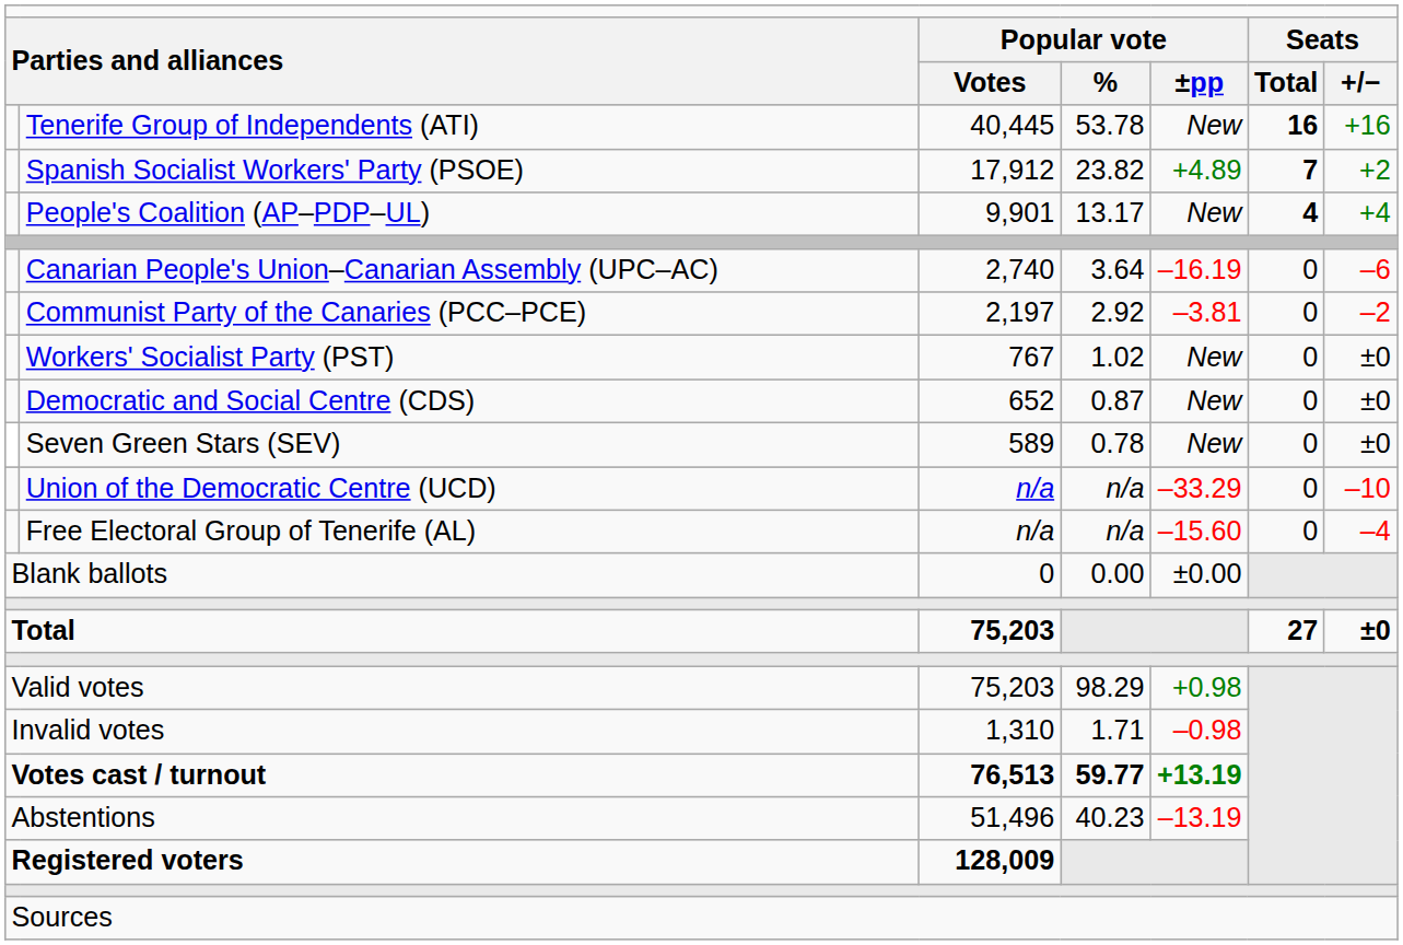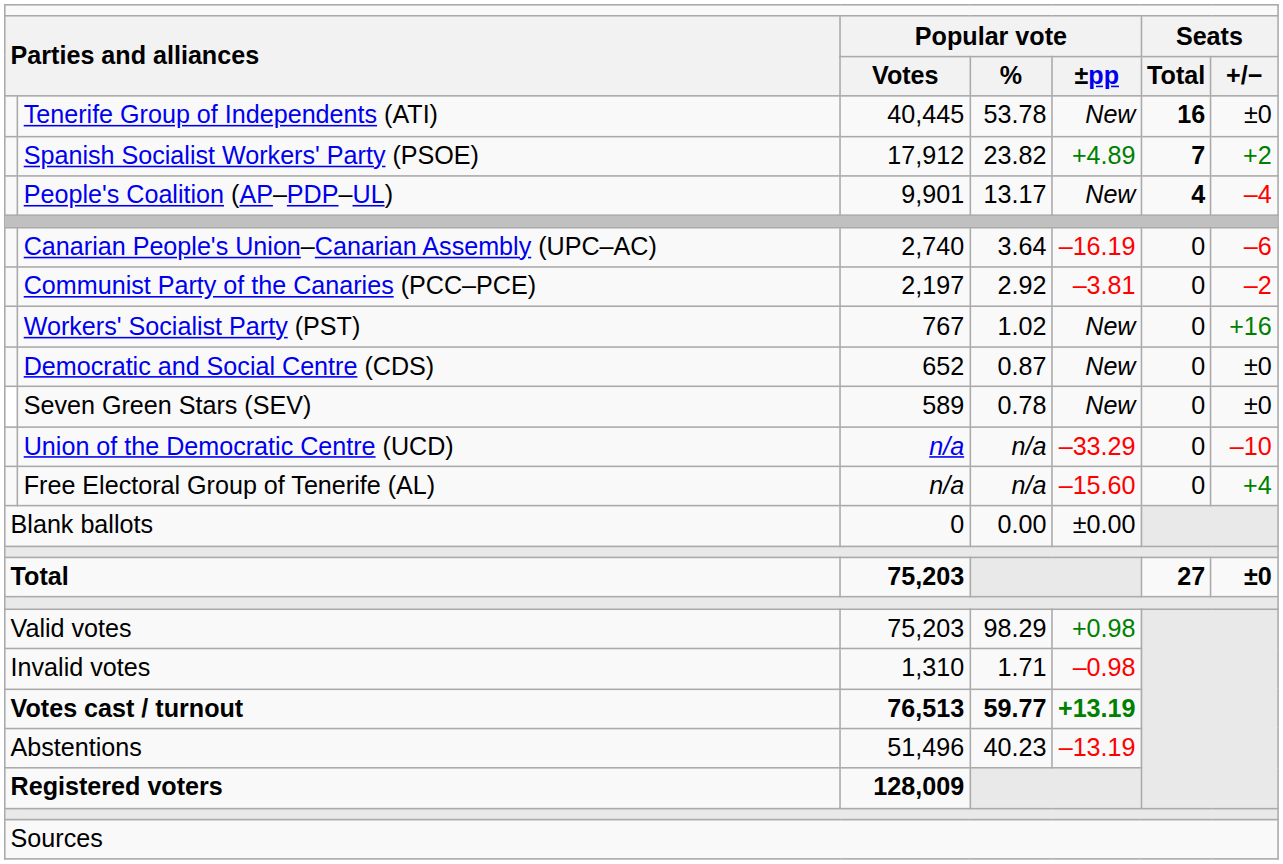 <table class="wikitable" style="text-align:right;">
 <tr>
 <td colspan="7"></td>
 </tr>
 <tr>
 <th style="text-align:left;" rowspan="2" colspan="2" width="525">Parties and alliances</th>
 <th colspan="3">Popular vote</th>
 <th colspan="2">Seats</th>
 </tr>
 <tr>
 <th width="75">Votes</th>
 <th width="45">%</th>
 <th width="45">±<a href='#'>pp</a></th>
 <th width="35">Total</th>
 <th width="35">+/−</th>
 </tr>
 <tr>
 <td width="1" style="color:inherit;background:"></td>
 <td align="left"><a href='#'>Tenerife Group of Independents</a> (ATI)</td>
 <td>40,445</td>
 <td>53.78</td>
 <td><em>New</em></td>
 <td><strong>16</strong></td>
-<td style="color:green;">+16</td>
+<td>±0</td>
 </tr>
 <tr>
 <td style="color:inherit;background:"></td>
 <td align="left"><a href='#'>Spanish Socialist Workers' Party</a> (PSOE)</td>
 <td>17,912</td>
 <td>23.82</td>
 <td style="color:green;">+4.89</td>
 <td><strong>7</strong></td>
 <td style="color:green;">+2</td>
 </tr>
 <tr>
 <td style="color:inherit;background:"></td>
 <td align="left"><a href='#'>People's Coalition</a> (<a href='#'>AP</a>–<a href='#'>PDP</a>–<a href='#'>UL</a>)</td>
 <td>9,901</td>
 <td>13.17</td>
 <td><em>New</em></td>
 <td><strong>4</strong></td>
-<td style="color:green;">+4</td>
+<td style="color:red;">–4</td>
 </tr>
 <tr>
 <td colspan="7" bgcolor="#C0C0C0"></td>
 </tr>
 <tr>
 <td style="color:inherit;background:"></td>
 <td align="left"><a href='#'>Canarian People's Union</a>–<a href='#'>Canarian Assembly</a> (UPC–AC)</td>
 <td>2,740</td>
 <td>3.64</td>
 <td style="color:red;">–16.19</td>
 <td>0</td>
 <td style="color:red;">–6</td>
 </tr>
 <tr>
 <td style="color:inherit;background:"></td>
 <td align="left"><a href='#'>Communist Party of the Canaries</a> (PCC–PCE)</td>
 <td>2,197</td>
 <td>2.92</td>
 <td style="color:red;">–3.81</td>
 <td>0</td>
 <td style="color:red;">–2</td>
 </tr>
 <tr>
 <td style="color:inherit;background:"></td>
 <td align="left"><a href='#'>Workers' Socialist Party</a> (PST)</td>
 <td>767</td>
 <td>1.02</td>
 <td><em>New</em></td>
 <td>0</td>
-<td>±0</td>
+<td style="color:green;">+16</td>
 </tr>
 <tr>
 <td style="color:inherit;background:"></td>
 <td align="left"><a href='#'>Democratic and Social Centre</a> (CDS)</td>
 <td>652</td>
 <td>0.87</td>
 <td><em>New</em></td>
 <td>0</td>
 <td>±0</td>
 </tr>
 <tr>
 <td bgcolor="white"></td>
 <td align="left">Seven Green Stars (SEV)</td>
 <td>589</td>
 <td>0.78</td>
 <td><em>New</em></td>
 <td>0</td>
 <td>±0</td>
 </tr>
 <tr>
 <td style="color:inherit;background:"></td>
 <td align="left"><a href='#'>Union of the Democratic Centre</a> (UCD)</td>
 <td><em><a href='#'>n/a</a></em></td>
 <td><em>n/a</em></td>
 <td style="color:red;">–33.29</td>
 <td>0</td>
 <td style="color:red;">–10</td>
 </tr>
 <tr>
 <td style="color:inherit;background:"></td>
 <td align="left">Free Electoral Group of Tenerife (AL)</td>
 <td><em>n/a</em></td>
 <td><em>n/a</em></td>
 <td style="color:red;">–15.60</td>
 <td>0</td>
-<td style="color:red;">–4</td>
+<td style="color:green;">+4</td>
 </tr>
 <tr>
 <td align="left" colspan="2">Blank ballots</td>
 <td>0</td>
 <td>0.00</td>
 <td>±0.00</td>
 <td bgcolor="#E9E9E9" colspan="2"></td>
 </tr>
 <tr>
 <td colspan="7" bgcolor="#E9E9E9"></td>
 </tr>
 <tr style="font-weight:bold;">
 <td align="left" colspan="2">Total</td>
 <td>75,203</td>
 <td bgcolor="#E9E9E9" colspan="2"></td>
 <td>27</td>
 <td>±0</td>
 </tr>
 <tr>
 <td colspan="7" bgcolor="#E9E9E9"></td>
 </tr>
 <tr>
 <td align="left" colspan="2">Valid votes</td>
 <td>75,203</td>
 <td>98.29</td>
 <td style="color:green;">+0.98</td>
 <td bgcolor="#E9E9E9" colspan="2" rowspan="5"></td>
 </tr>
 <tr>
 <td align="left" colspan="2">Invalid votes</td>
 <td>1,310</td>
 <td>1.71</td>
 <td style="color:red;">–0.98</td>
 </tr>
 <tr style="font-weight:bold;">
 <td align="left" colspan="2">Votes cast / turnout</td>
 <td>76,513</td>
 <td>59.77</td>
 <td style="color:green;">+13.19</td>
 </tr>
 <tr>
 <td align="left" colspan="2">Abstentions</td>
 <td>51,496</td>
 <td>40.23</td>
 <td style="color:red;">–13.19</td>
 </tr>
 <tr style="font-weight:bold;">
 <td align="left" colspan="2">Registered voters</td>
 <td>128,009</td>
 <td bgcolor="#E9E9E9" colspan="2"></td>
 </tr>
 <tr>
 <td colspan="7" bgcolor="#E9E9E9"></td>
 </tr>
 <tr>
 <td align="left" colspan="7">Sources</td>
 </tr>
 </table>
